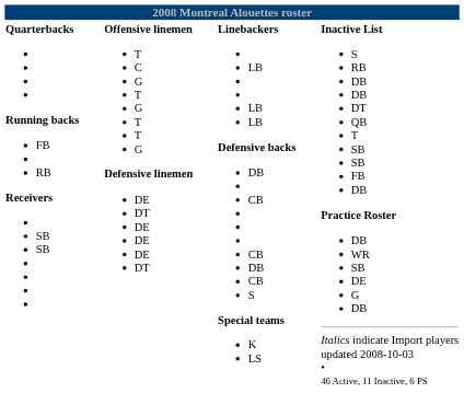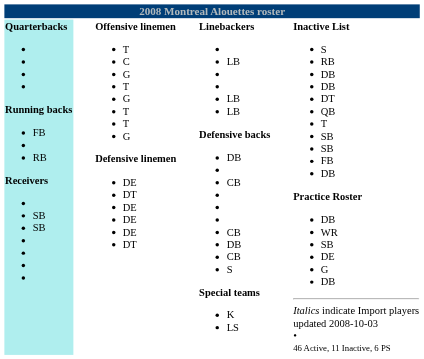 <table class="toccolours" style="text-align: left;">
 <tr>
 <th colspan="7" style="background:#003e77; color:#b1b9bc; text-align:center;"><strong>2008 Montreal Alouettes roster</strong></th>
 </tr>
 <tr>
-<td style="font-size:95%; vertical-align:top;"><strong>Quarterbacks</strong><br><ul><li></li><li></li><li></li><li></li></ul><strong>Running backs</strong><ul><li> FB</li><li></li><li> RB</li></ul><strong>Receivers</strong><ul><li></li><li> SB</li><li> SB</li><li></li><li></li><li></li><li></li></ul></td>
+<td style="background: paleturquoise; font-size:95%; vertical-align:top;"><strong>Quarterbacks</strong><br><ul><li></li><li></li><li></li><li></li></ul><strong>Running backs</strong><ul><li> FB</li><li></li><li> RB</li></ul><strong>Receivers</strong><ul><li></li><li> SB</li><li> SB</li><li></li><li></li><li></li><li></li></ul></td>
 <td style="width: 25px;"></td>
 <td style="font-size:95%; vertical-align:top;"><strong>Offensive linemen</strong><br><ul><li> T</li><li> C</li><li> G</li><li> T</li><li> G</li><li> T</li><li> T</li><li> G</li></ul><strong>Defensive linemen</strong><ul><li> DE</li><li> DT</li><li> DE</li><li> DE</li><li> DE</li><li> DT</li></ul></td>
 <td style="width: 25px;"></td>
 <td style="font-size:95%; vertical-align:top;"><strong>Linebackers</strong><br><ul><li></li><li> LB</li><li></li><li></li><li> LB</li><li> LB</li></ul><strong>Defensive backs</strong><ul><li> DB</li><li></li><li> CB</li><li></li><li></li><li></li><li> CB</li><li> DB</li><li> CB</li><li> S</li></ul><strong>Special teams</strong><ul><li> K</li><li> LS</li></ul></td>
 <td style="width: 25px;"></td>
 <td style="font-size:95%; vertical-align:top;"><strong>Inactive List</strong><br><ul><li> S </li><li> RB </li><li> DB </li><li> DB </li><li> DT </li><li> QB </li><li> T </li><li> SB </li><li> SB </li><li> FB </li><li> DB </li></ul><strong>Practice Roster</strong><ul><li> DB</li><li> WR</li><li> SB</li><li> DE</li><li> G</li><li> DB</li></ul><hr> <em>Italics</em> indicate Import players<br> <span></span> updated 2008-10-03<br> <span></span> • <span></span><br> <small>46 Active, 11 Inactive, 6 PS</small></td>
 </tr>
 </table>
